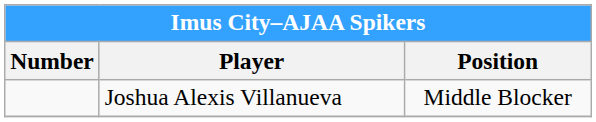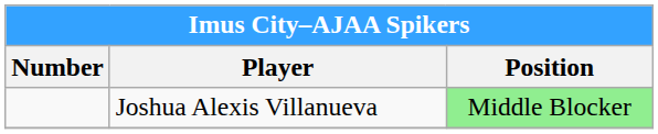 <table class="wikitable sortable" style="text-align:center;">
 <tr>
 <th colspan="5" style= "background: #33A2FF; color: #FFFFFF; text-align: center"><strong>Imus City–AJAA Spikers</strong></th>
 </tr>
 <tr>
 <th width=3px>Number</th>
 <th width=200px>Player</th>
 <th width=120px>Position</th>
 </tr>
 <tr align=center>
 <td></td>
 <td align=left> Joshua Alexis Villanueva</td>
-<td>Middle Blocker</td>
+<td style="background: lightgreen;">Middle Blocker</td>
 </tr>
 <tr>
 </tr>
 </table>
